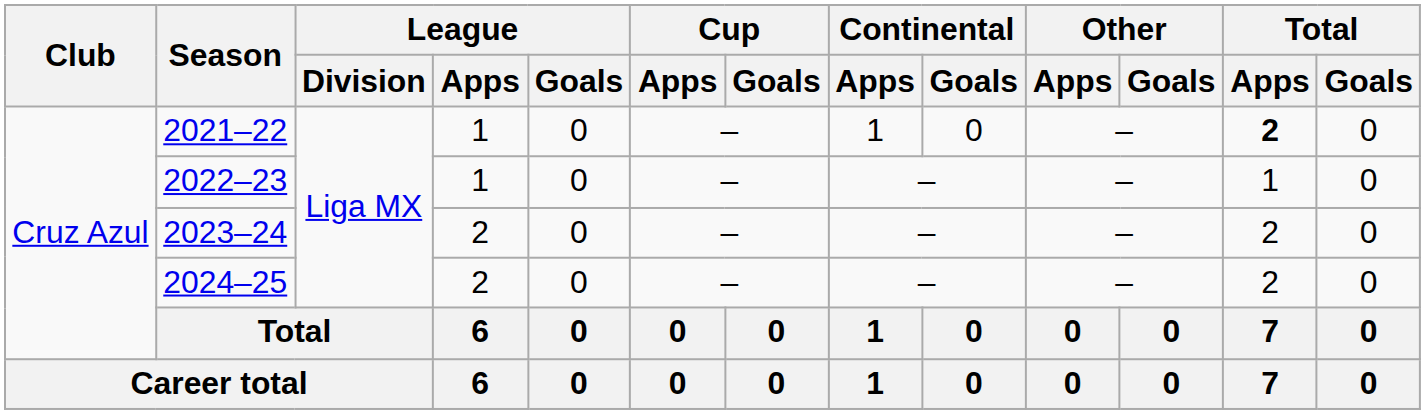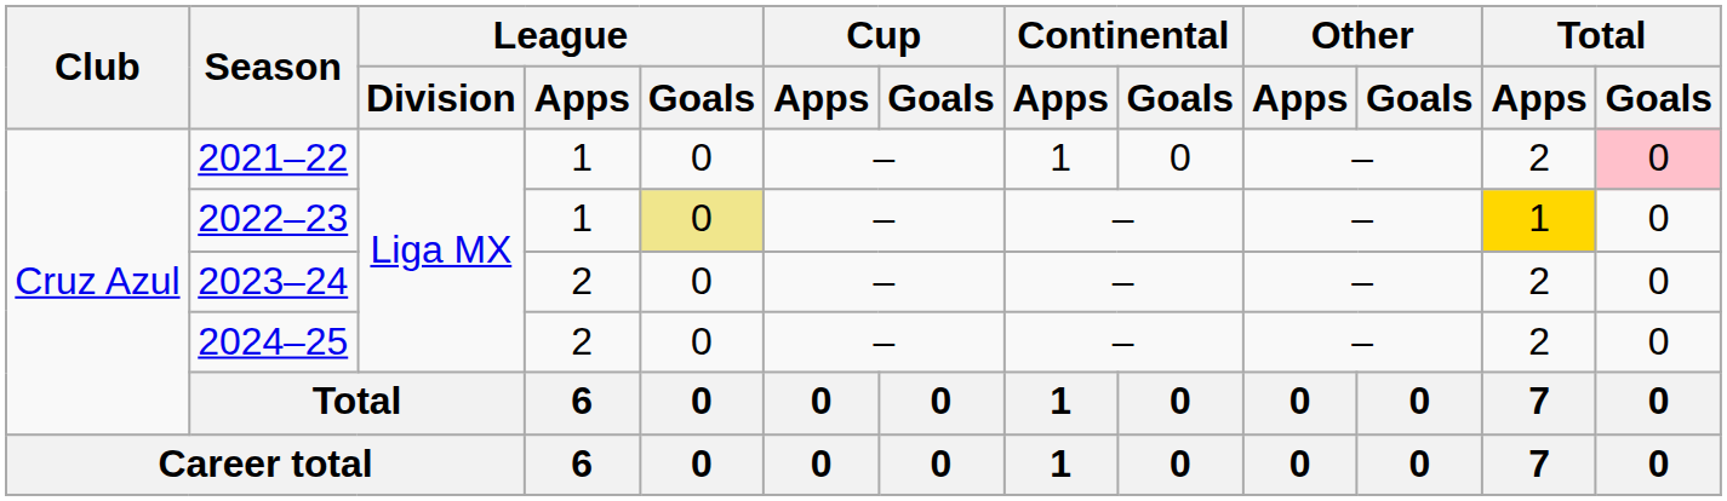 <table class="wikitable" style="text-align: center">
 <tr>
 <th rowspan="2">Club</th>
 <th rowspan="2">Season</th>
 <th colspan="3">League</th>
 <th colspan="2">Cup</th>
 <th colspan="2">Continental</th>
 <th colspan="2">Other</th>
 <th colspan="2">Total</th>
 </tr>
 <tr>
 <th>Division</th>
 <th>Apps</th>
 <th>Goals</th>
 <th>Apps</th>
 <th>Goals</th>
 <th>Apps</th>
 <th>Goals</th>
 <th>Apps</th>
 <th>Goals</th>
 <th>Apps</th>
 <th>Goals</th>
 </tr>
 <tr>
 <td rowspan="5"><a href='#'>Cruz Azul</a></td>
 <td><a href='#'>2021–22</a></td>
 <td rowspan="4"><a href='#'>Liga MX</a></td>
 <td>1</td>
 <td>0</td>
 <td colspan="2">–</td>
 <td>1</td>
 <td>0</td>
 <td colspan="2">–</td>
-<td><strong>2</strong></td>
-<td>0</td>
+<td>2</td>
+<td style="background: pink;">0</td>
 </tr>
 <tr>
 <td><a href='#'>2022–23</a></td>
 <td>1</td>
-<td>0</td>
+<td style="background: khaki;">0</td>
 <td colspan="2">–</td>
 <td colspan="2">–</td>
 <td colspan="2">–</td>
-<td>1</td>
+<td style="background: gold;">1</td>
 <td>0</td>
 </tr>
 <tr>
 <td><a href='#'>2023–24</a></td>
 <td>2</td>
 <td>0</td>
 <td colspan="2">–</td>
 <td colspan="2">–</td>
 <td colspan="2">–</td>
 <td>2</td>
 <td>0</td>
 </tr>
 <tr>
 <td><a href='#'>2024–25</a></td>
 <td>2</td>
 <td>0</td>
 <td colspan="2">–</td>
 <td colspan="2">–</td>
 <td colspan="2">–</td>
 <td>2</td>
 <td>0</td>
 </tr>
 <tr>
 <th colspan="2"><strong>Total</strong></th>
 <th>6</th>
 <th>0</th>
 <th>0</th>
 <th>0</th>
 <th>1</th>
 <th>0</th>
 <th>0</th>
 <th>0</th>
 <th>7</th>
 <th>0</th>
 </tr>
 <tr>
 <th colspan="3"><strong>Career total</strong></th>
 <th>6</th>
 <th>0</th>
 <th>0</th>
 <th>0</th>
 <th>1</th>
 <th>0</th>
 <th>0</th>
 <th>0</th>
 <th>7</th>
 <th>0</th>
 </tr>
 </table>
